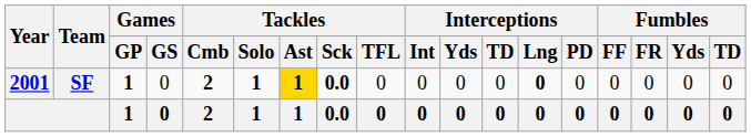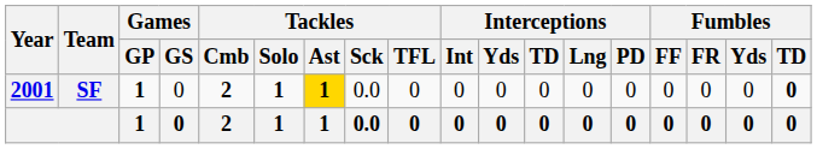 <table class="wikitable" style="text-align:center">
 <tr>
 <th rowspan="2">Year</th>
 <th rowspan="2">Team</th>
 <th colspan="2">Games</th>
 <th colspan="5">Tackles</th>
 <th colspan="5">Interceptions</th>
 <th colspan="4">Fumbles</th>
 </tr>
 <tr>
 <th>GP</th>
 <th>GS</th>
 <th>Cmb</th>
 <th>Solo</th>
 <th>Ast</th>
 <th>Sck</th>
 <th>TFL</th>
 <th>Int</th>
 <th>Yds</th>
 <th>TD</th>
 <th>Lng</th>
 <th>PD</th>
 <th>FF</th>
 <th>FR</th>
 <th>Yds</th>
 <th>TD</th>
 </tr>
 <tr>
 <th><a href='#'>2001</a></th>
 <th><a href='#'>SF</a></th>
 <td><strong>1</strong></td>
 <td>0</td>
 <td><strong>2</strong></td>
 <td><strong>1</strong></td>
 <td style="background: gold;"><strong>1</strong></td>
-<td><strong>0.0</strong></td>
+<td>0.0</td>
+<td>0</td>
+<td>0</td>
+<td>0</td>
+<td>0</td>
+<td>0</td>
 <td>0</td>
 <td>0</td>
 <td>0</td>
 <td>0</td>
 <td><strong>0</strong></td>
-<td>0</td>
-<td>0</td>
-<td>0</td>
-<td>0</td>
-<td>0</td>
 </tr>
 <tr>
 <th colspan="2"></th>
 <th>1</th>
 <th>0</th>
 <th>2</th>
 <th>1</th>
 <th>1</th>
 <th>0.0</th>
 <th>0</th>
 <th>0</th>
 <th>0</th>
 <th>0</th>
 <th>0</th>
 <th>0</th>
 <th>0</th>
 <th>0</th>
 <th>0</th>
 <th>0</th>
 </tr>
 </table>
